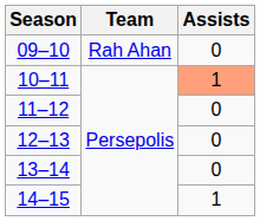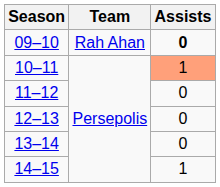 <table class="wikitable" style="text-align: center;">
 <tr>
 <th>Season</th>
 <th>Team</th>
 <th>Assists</th>
 </tr>
 <tr>
 <td><a href='#'>09–10</a></td>
 <td><a href='#'>Rah Ahan</a></td>
-<td>0</td>
+<td><strong>0</strong></td>
 </tr>
 <tr>
 <td><a href='#'>10–11</a></td>
 <td rowspan="5"><a href='#'>Persepolis</a></td>
 <td style="background: lightsalmon;">1</td>
 </tr>
 <tr>
 <td><a href='#'>11–12</a></td>
 <td>0</td>
 </tr>
 <tr>
 <td><a href='#'>12–13</a></td>
 <td>0</td>
 </tr>
 <tr>
 <td><a href='#'>13–14</a></td>
 <td>0</td>
 </tr>
 <tr>
 <td><a href='#'>14–15</a></td>
 <td>1</td>
 </tr>
 <tr>
 </tr>
 </table>
